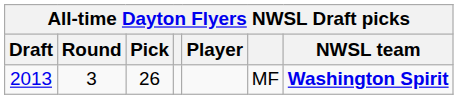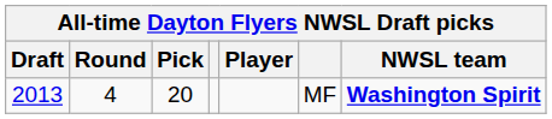 <table class="wikitable sortable" style="text-align: center;">
 <tr>
 <th colspan="7" style="background:#">All-time <a href='#'><span>Dayton Flyers</span></a> NWSL Draft picks</th>
 </tr>
 <tr>
 <th scope="col">Draft</th>
 <th scope="col">Round</th>
 <th scope="col">Pick</th>
 <th scope="col"></th>
 <th scope="col">Player</th>
 <th scope="col"></th>
 <th scope="col">NWSL team</th>
 </tr>
 <tr>
 <td><a href='#'>2013</a></td>
-<td>3</td>
-<td>26</td>
+<td>4</td>
+<td>20</td>
 <td></td>
 <td></td>
 <td>MF</td>
 <td><strong><a href='#'>Washington Spirit</a></strong></td>
 </tr>
 </table>
